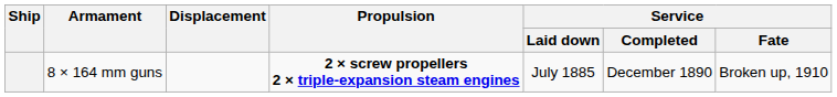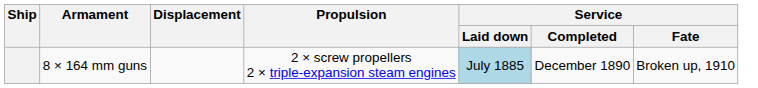 <table class="wikitable plainrowheaders" style="text-align: center;">
 <tr valign="top">
 <th scope="col" rowspan="2">Ship</th>
 <th scope="col" rowspan="2">Armament</th>
 <th scope="col" rowspan="2">Displacement</th>
 <th scope="col" rowspan="2">Propulsion</th>
 <th scope="col" colspan="3">Service</th>
 </tr>
 <tr valign="top">
 <th scope="col">Laid down</th>
 <th scope="col">Completed</th>
 <th scope="col">Fate</th>
 </tr>
 <tr valign="center">
 <th scope="row"></th>
 <td>8 × 164 mm guns</td>
 <td></td>
-<td><strong>2 × screw propellers<br>2 × <a href='#'>triple-expansion steam engines</a><br></strong></td>
-<td>July 1885</td>
+<td>2 × screw propellers<br>2 × <a href='#'>triple-expansion steam engines</a><br></td>
+<td style="background: lightblue;">July 1885</td>
 <td>December 1890</td>
 <td>Broken up, 1910</td>
 </tr>
 </table>
